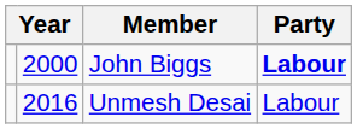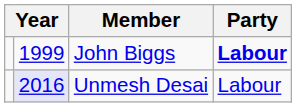 <table class="wikitable">
 <tr>
 <th colspan="2">Year</th>
 <th>Member</th>
 <th>Party</th>
 </tr>
 <tr>
 <td style="background-color: "></td>
-<td><a href='#'>2000</a></td>
+<td><a href='#'>1999</a></td>
 <td><a href='#'>John Biggs</a></td>
 <td><strong><a href='#'>Labour</a></strong></td>
 </tr>
 <tr>
 <td style="background-color: "></td>
-<td><a href='#'>2016</a></td>
+<td style="background: lavender;"><a href='#'>2016</a></td>
 <td><a href='#'>Unmesh Desai</a></td>
 <td><a href='#'>Labour</a></td>
 </tr>
 </table>
